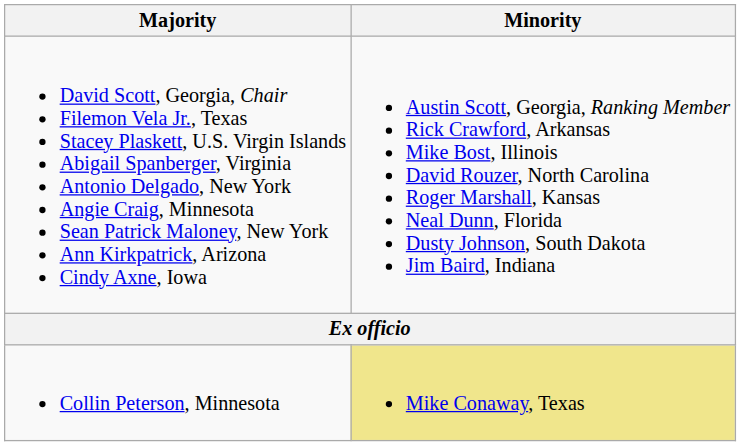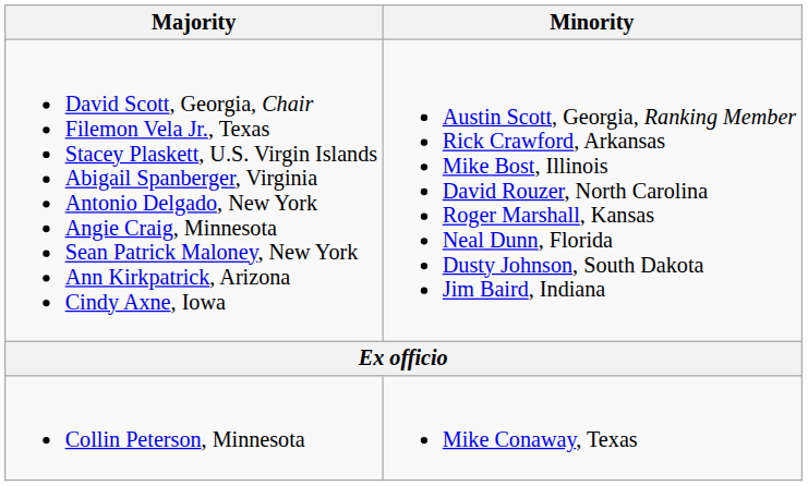 <table class=wikitable>
 <tr>
 <th>Majority</th>
 <th>Minority</th>
 </tr>
 <tr>
 <td><br><ul><li><a href='#'>David Scott</a>, Georgia, <em>Chair</em></li><li><a href='#'>Filemon Vela Jr.</a>, Texas</li><li><a href='#'>Stacey Plaskett</a>, U.S. Virgin Islands</li><li><a href='#'>Abigail Spanberger</a>, Virginia</li><li><a href='#'>Antonio Delgado</a>, New York</li><li><a href='#'>Angie Craig</a>, Minnesota</li><li><a href='#'>Sean Patrick Maloney</a>, New York</li><li><a href='#'>Ann Kirkpatrick</a>, Arizona</li><li><a href='#'>Cindy Axne</a>, Iowa</li></ul></td>
 <td><br><ul><li><a href='#'>Austin Scott</a>, Georgia, <em>Ranking Member</em></li><li><a href='#'>Rick Crawford</a>, Arkansas</li><li><a href='#'>Mike Bost</a>, Illinois</li><li><a href='#'>David Rouzer</a>, North Carolina</li><li><a href='#'>Roger Marshall</a>, Kansas</li><li><a href='#'>Neal Dunn</a>, Florida</li><li><a href='#'>Dusty Johnson</a>, South Dakota</li><li><a href='#'>Jim Baird</a>, Indiana</li></ul></td>
 </tr>
 <tr>
 <th colspan=2><em>Ex officio</em></th>
 </tr>
 <tr>
 <td><br><ul><li><a href='#'>Collin Peterson</a>, Minnesota</li></ul></td>
-<td style="background: khaki;"><br><ul><li><a href='#'>Mike Conaway</a>, Texas</li></ul></td>
+<td><br><ul><li><a href='#'>Mike Conaway</a>, Texas</li></ul></td>
 </tr>
 </table>
